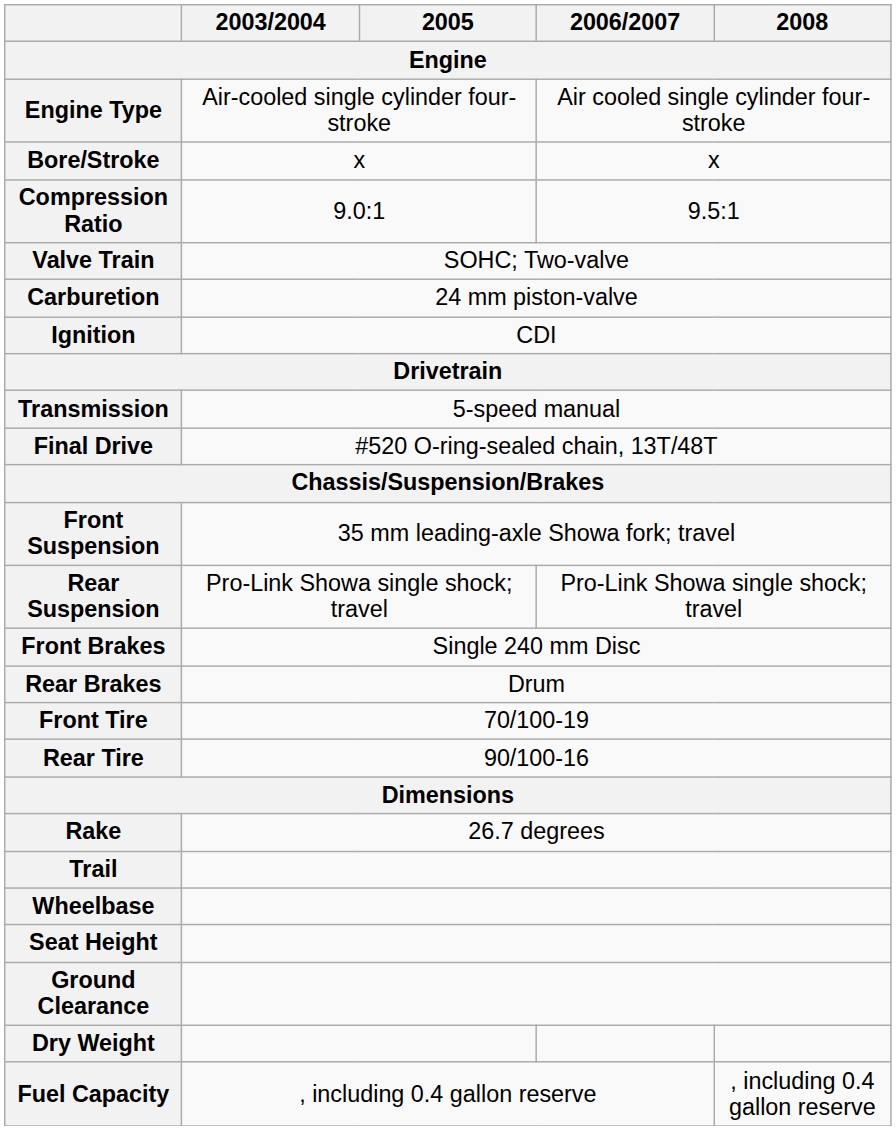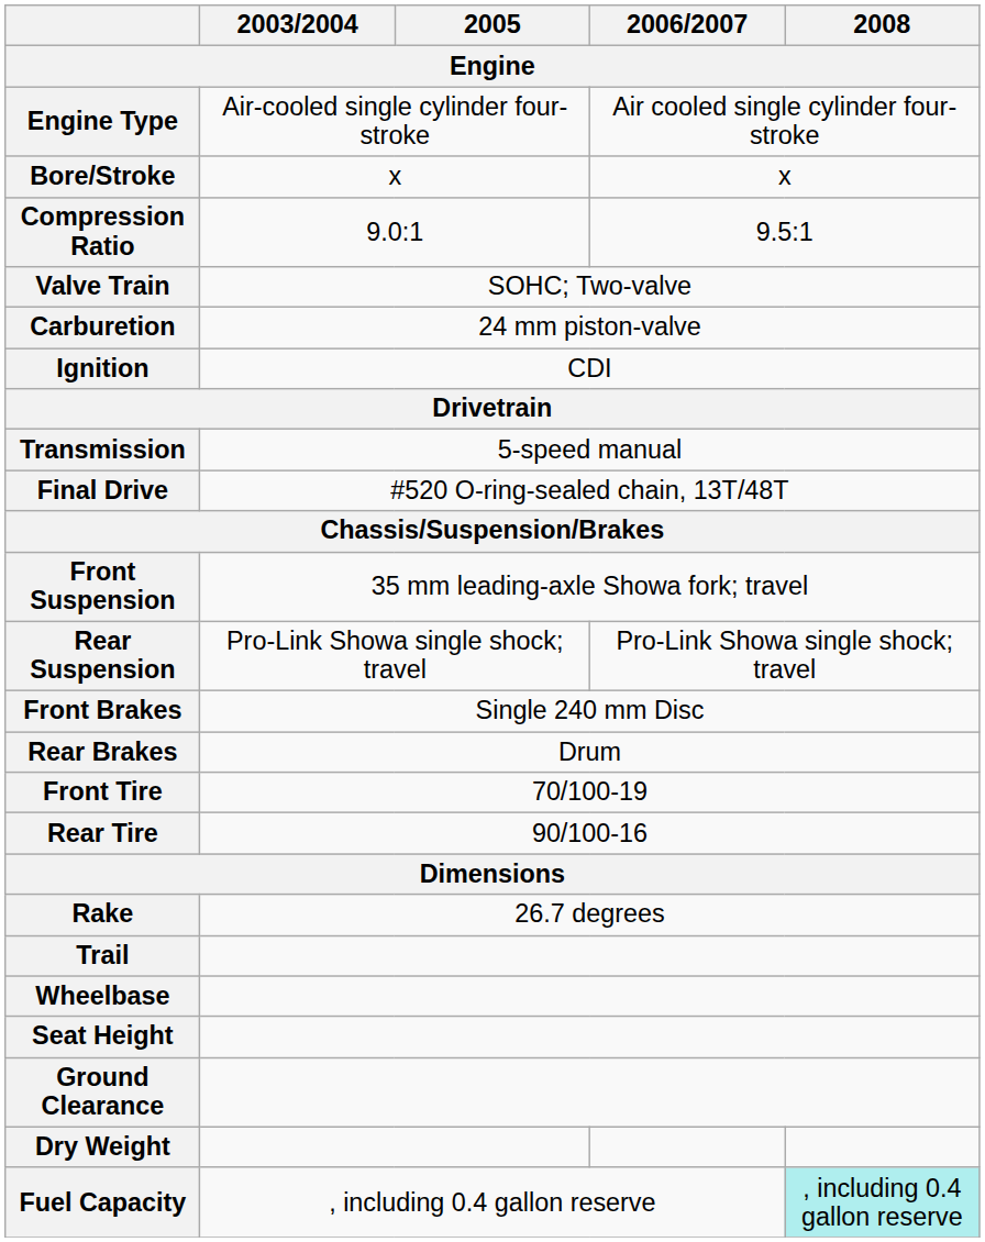 <table class="wikitable" style="text-align:center;">
 <tr>
 <th></th>
 <th width="20%">2003/2004</th>
 <th width="20%">2005</th>
 <th width="20%">2006/2007</th>
 <th width="20%">2008</th>
 </tr>
 <tr>
 <th colspan="5">Engine</th>
 </tr>
 <tr>
 <th>Engine Type</th>
 <td colspan="2"> Air-cooled single cylinder four-stroke</td>
 <td colspan="2"> Air cooled single cylinder four-stroke</td>
 </tr>
 <tr>
 <th>Bore/Stroke</th>
 <td colspan="2"> x </td>
 <td colspan="2"> x </td>
 </tr>
 <tr>
 <th>Compression Ratio</th>
 <td colspan="2">9.0:1</td>
 <td colspan="2">9.5:1</td>
 </tr>
 <tr>
 <th>Valve Train</th>
 <td colspan="4">SOHC; Two-valve</td>
 </tr>
 <tr>
 <th>Carburetion</th>
 <td colspan="4">24 mm piston-valve</td>
 </tr>
 <tr>
 <th>Ignition</th>
 <td colspan="4">CDI</td>
 </tr>
 <tr>
 <th colspan="5">Drivetrain</th>
 </tr>
 <tr>
 <th>Transmission</th>
 <td colspan="4">5-speed manual</td>
 </tr>
 <tr>
 <th>Final Drive</th>
 <td colspan="4">#520 O-ring-sealed chain, 13T/48T</td>
 </tr>
 <tr>
 <th colspan="5">Chassis/Suspension/Brakes</th>
 </tr>
 <tr>
 <th>Front Suspension</th>
 <td colspan="4">35 mm leading-axle Showa fork;  travel</td>
 </tr>
 <tr>
 <th>Rear Suspension</th>
 <td colspan="2">Pro-Link Showa single shock;  travel</td>
 <td colspan="2">Pro-Link Showa single shock;  travel</td>
 </tr>
 <tr>
 <th>Front Brakes</th>
 <td colspan='4'>Single 240 mm Disc</td>
 </tr>
 <tr>
 <th>Rear Brakes</th>
 <td colspan="4">Drum</td>
 </tr>
 <tr>
 <th>Front Tire</th>
 <td colspan="4">70/100-19</td>
 </tr>
 <tr>
 <th>Rear Tire</th>
 <td colspan="4">90/100-16</td>
 </tr>
 <tr>
 <th colspan="5">Dimensions</th>
 </tr>
 <tr>
 <th>Rake</th>
 <td colspan="4">26.7 degrees</td>
 </tr>
 <tr>
 <th>Trail</th>
 <td colspan="4"></td>
 </tr>
 <tr>
 <th>Wheelbase</th>
 <td colspan="4"></td>
 </tr>
 <tr>
 <th>Seat Height</th>
 <td colspan="4"></td>
 </tr>
 <tr>
 <th>Ground Clearance</th>
 <td colspan="4"></td>
 </tr>
 <tr>
 <th>Dry Weight</th>
 <td colspan="2"></td>
 <td></td>
 <td></td>
 </tr>
 <tr>
 <th>Fuel Capacity</th>
 <td colspan="3">, including 0.4 gallon reserve</td>
-<td>, including 0.4 gallon reserve</td>
+<td style="background: paleturquoise;">, including 0.4 gallon reserve</td>
 </tr>
 </table>
